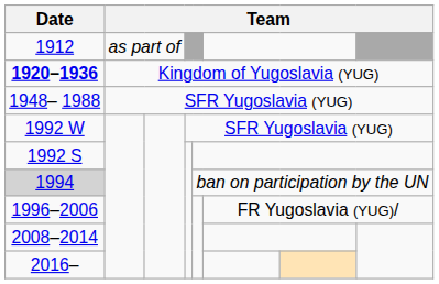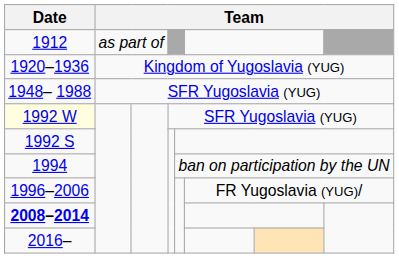 <table class="wikitable" style="text-align:center; font-size:90%;">
 <tr>
 <th>Date</th>
 <th colspan=7>Team</th>
 </tr>
 <tr>
 <td><a href='#'>1912</a></td>
 <td colspan=2><em>as part of </em></td>
 <td colspan="2" style="background:darkgrey;"></td>
 <td colspan=2></td>
 <td style="background:darkgrey;"></td>
 </tr>
 <tr>
-<td><strong><a href='#'>1920</a>–<a href='#'>1936</a></strong></td>
+<td><a href='#'>1920</a>–<a href='#'>1936</a></td>
 <td colspan=7> <a href='#'>Kingdom of Yugoslavia</a> <small>(YUG)</small></td>
 </tr>
 <tr>
 <td><a href='#'>1948</a>– <a href='#'>1988</a></td>
 <td colspan=7> <a href='#'>SFR Yugoslavia</a> <small>(YUG)</small></td>
 </tr>
 <tr>
-<td><a href='#'>1992 W</a></td>
+<td style="background: lightyellow;"><a href='#'>1992 W</a></td>
 <td rowspan=6></td>
 <td rowspan=6></td>
 <td colspan=5> <a href='#'>SFR Yugoslavia</a> <small>(YUG)</small></td>
 </tr>
 <tr>
 <td><a href='#'>1992 S</a></td>
 <td rowspan=5></td>
 <td colspan=4></td>
 </tr>
 <tr>
-<td style="background: lightgrey;"><a href='#'>1994</a></td>
+<td><a href='#'>1994</a></td>
 <td colspan=4><em>ban on participation by the UN</em></td>
 </tr>
 <tr>
 <td><a href='#'>1996</a>–<a href='#'>2006</a></td>
 <td rowspan=3></td>
 <td colspan=3> FR Yugoslavia <small>(YUG)</small>/<br></td>
 </tr>
 <tr>
-<td><a href='#'>2008</a>–<a href='#'>2014</a></td>
+<td><strong><a href='#'>2008</a>–<a href='#'>2014</a></strong></td>
 <td colspan=2></td>
 <td rowspan=2></td>
 </tr>
 <tr>
 <td><a href='#'>2016</a>–</td>
 <td></td>
 <td style="background:moccasin;"></td>
 </tr>
 </table>
